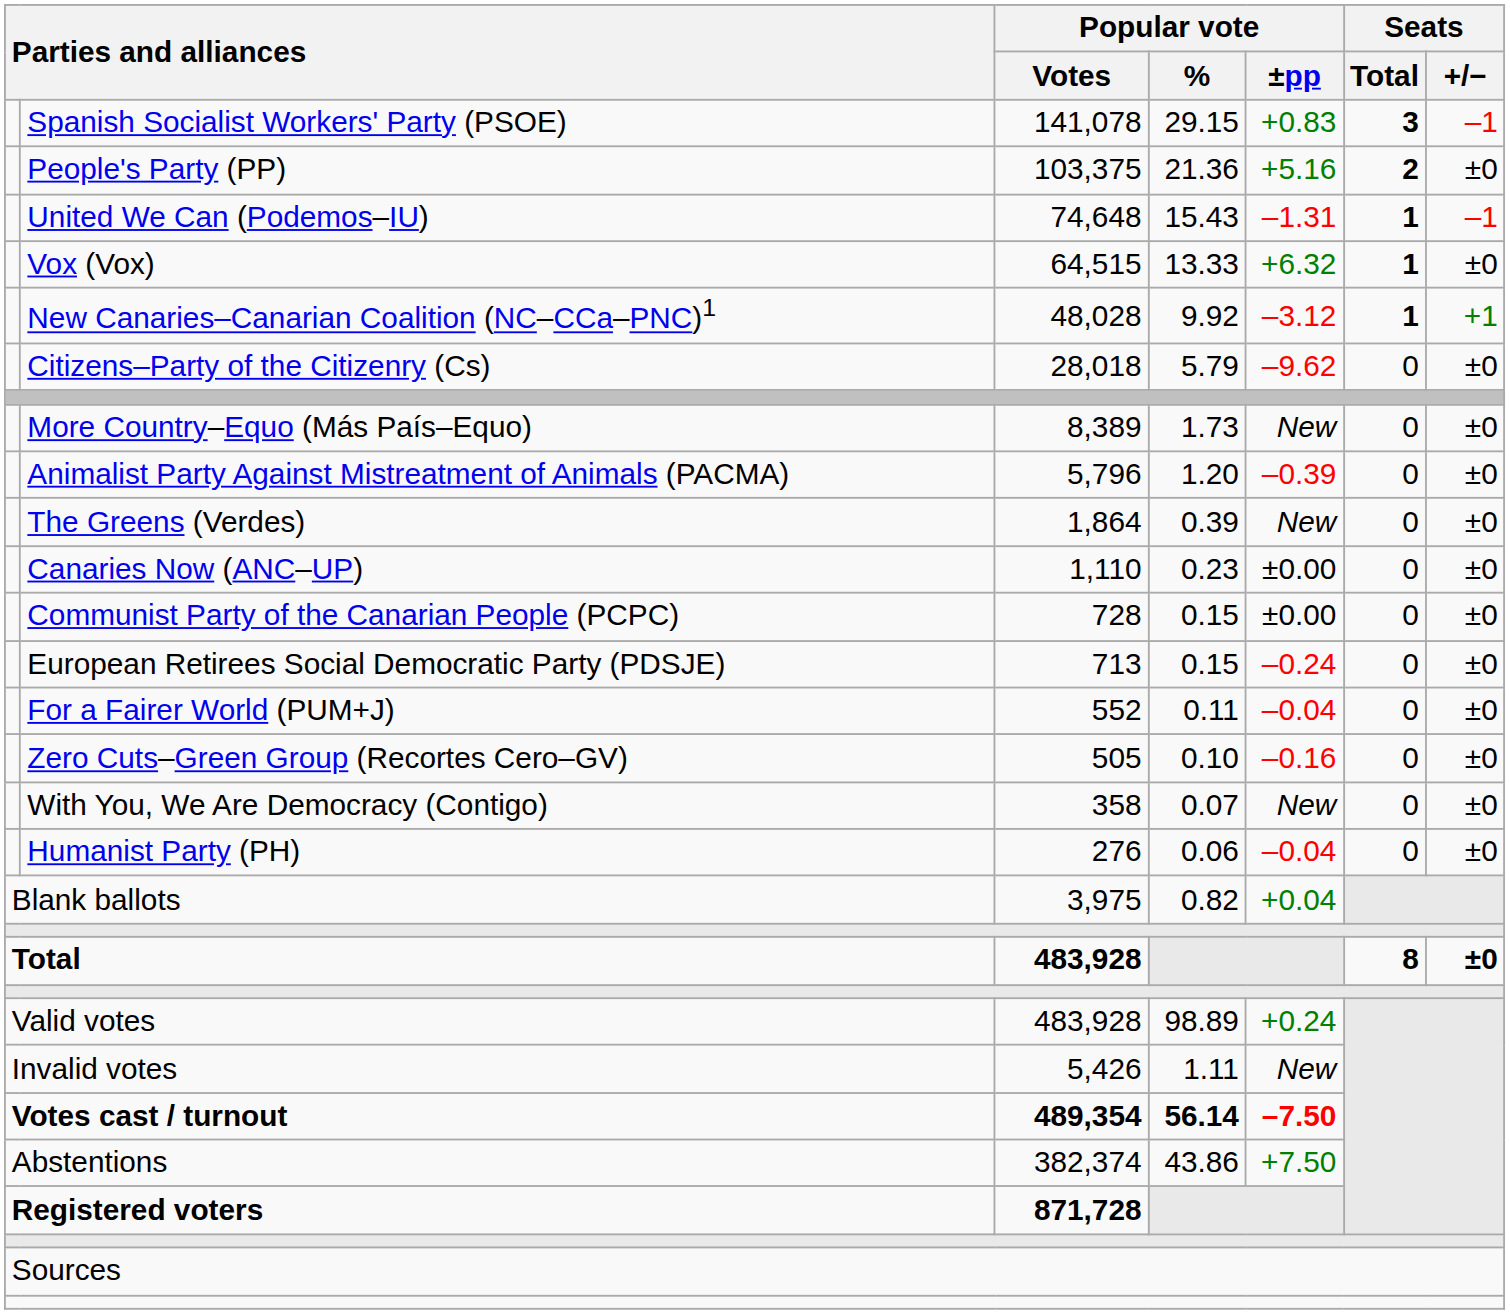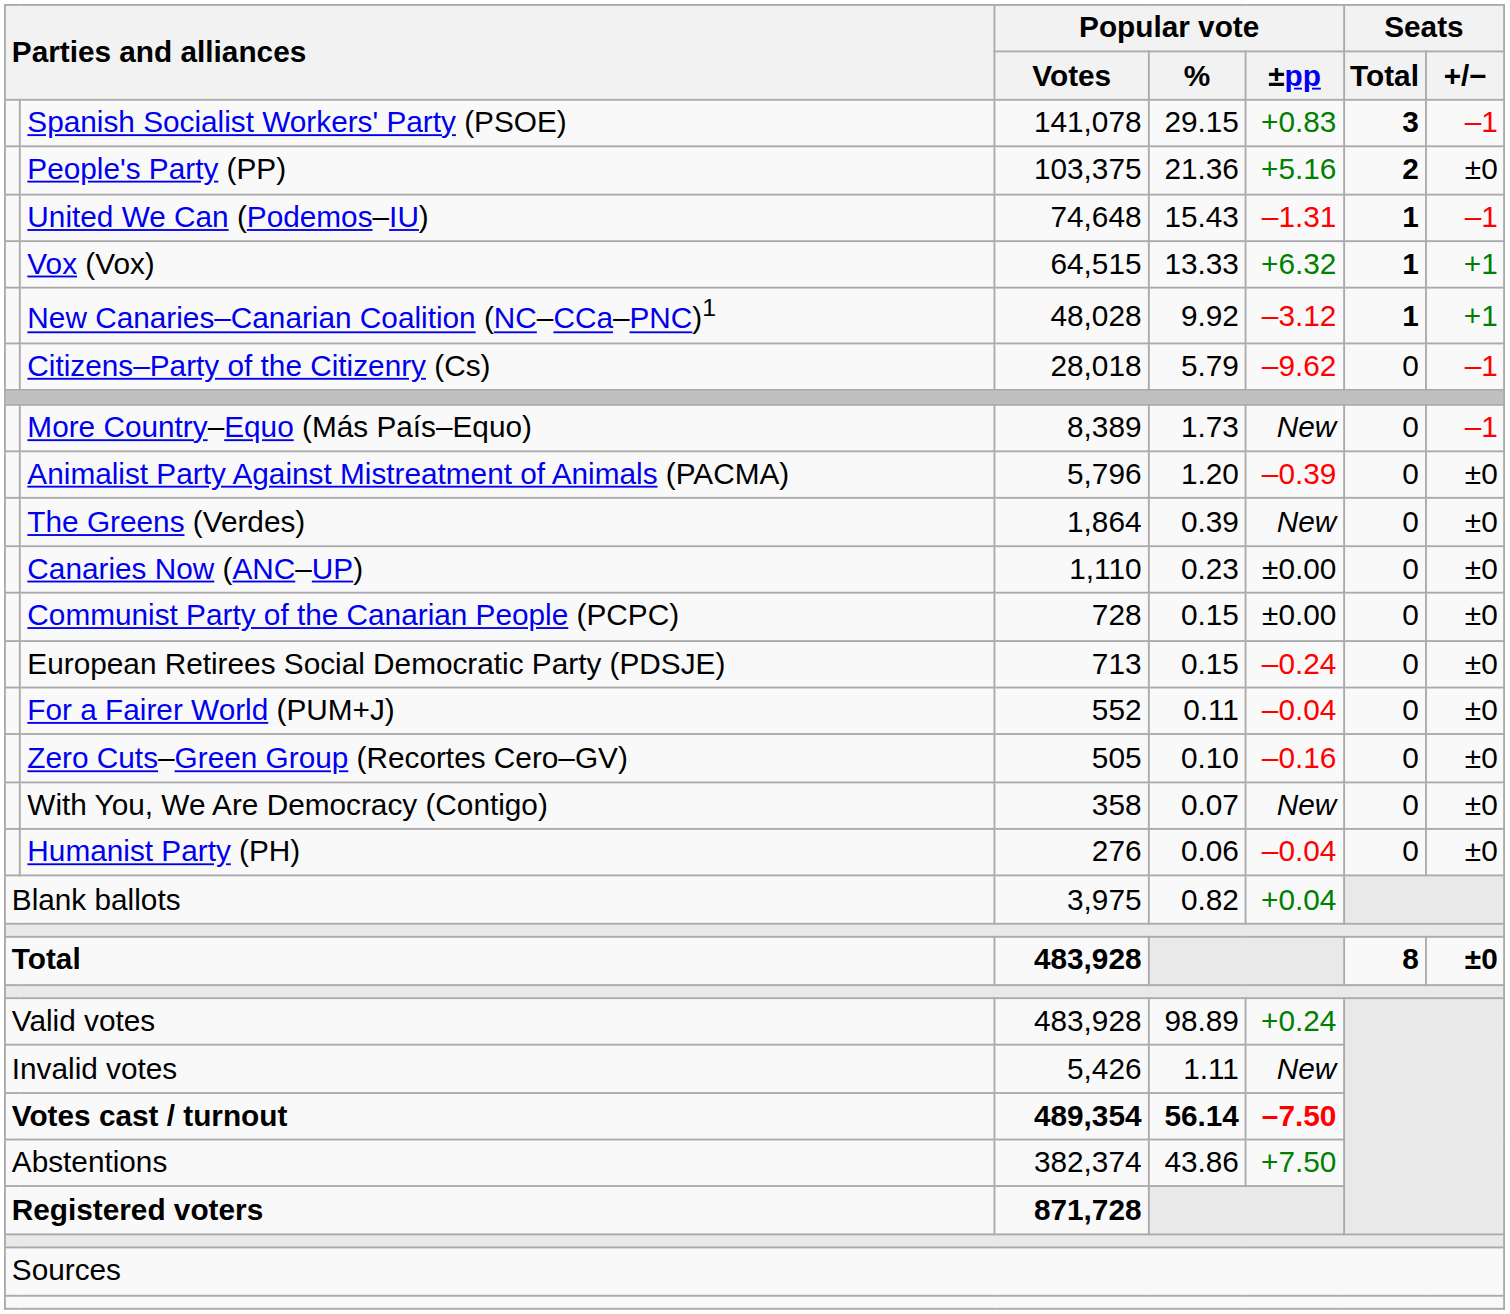 <table class="wikitable" style="text-align:right;">
 <tr>
 <th style="text-align:left;" rowspan="2" colspan="2" width="525">Parties and alliances</th>
 <th colspan="3">Popular vote</th>
 <th colspan="2">Seats</th>
 </tr>
 <tr>
 <th width="75">Votes</th>
 <th width="45">%</th>
 <th width="45">±<a href='#'>pp</a></th>
 <th width="35">Total</th>
 <th width="35">+/−</th>
 </tr>
 <tr>
 <td width="1" style="color:inherit;background:"></td>
 <td align="left"><a href='#'>Spanish Socialist Workers' Party</a> (PSOE)</td>
 <td>141,078</td>
 <td>29.15</td>
 <td style="color:green;">+0.83</td>
 <td><strong>3</strong></td>
 <td style="color:red;">–1</td>
 </tr>
 <tr>
 <td style="color:inherit;background:"></td>
 <td align="left"><a href='#'>People's Party</a> (PP)</td>
 <td>103,375</td>
 <td>21.36</td>
 <td style="color:green;">+5.16</td>
 <td><strong>2</strong></td>
 <td>±0</td>
 </tr>
 <tr>
 <td style="color:inherit;background:"></td>
 <td align="left"><a href='#'>United We Can</a> (<a href='#'>Podemos</a>–<a href='#'>IU</a>)</td>
 <td>74,648</td>
 <td>15.43</td>
 <td style="color:red;">–1.31</td>
 <td><strong>1</strong></td>
 <td style="color:red;">–1</td>
 </tr>
 <tr>
 <td style="color:inherit;background:"></td>
 <td align="left"><a href='#'>Vox</a> (Vox)</td>
 <td>64,515</td>
 <td>13.33</td>
 <td style="color:green;">+6.32</td>
 <td><strong>1</strong></td>
-<td>±0</td>
+<td style="color:green;">+1</td>
 </tr>
 <tr>
 <td style="color:inherit;background:"></td>
 <td align="left"><a href='#'>New Canaries–Canarian Coalition</a> (<a href='#'>NC</a>–<a href='#'>CCa</a>–<a href='#'>PNC</a>)<sup>1</sup></td>
 <td>48,028</td>
 <td>9.92</td>
 <td style="color:red;">–3.12</td>
 <td><strong>1</strong></td>
 <td style="color:green;">+1</td>
 </tr>
 <tr>
 <td style="color:inherit;background:"></td>
 <td align="left"><a href='#'>Citizens–Party of the Citizenry</a> (Cs)</td>
 <td>28,018</td>
 <td>5.79</td>
 <td style="color:red;">–9.62</td>
 <td>0</td>
-<td>±0</td>
+<td style="color:red;">–1</td>
 </tr>
 <tr>
 <td colspan="7" bgcolor="#C0C0C0"></td>
 </tr>
 <tr>
 <td style="color:inherit;background:"></td>
 <td align="left"><a href='#'>More Country</a>–<a href='#'>Equo</a> (Más País–Equo)</td>
 <td>8,389</td>
 <td>1.73</td>
 <td><em>New</em></td>
 <td>0</td>
-<td>±0</td>
+<td style="color:red;">–1</td>
 </tr>
 <tr>
 <td style="color:inherit;background:"></td>
 <td align="left"><a href='#'>Animalist Party Against Mistreatment of Animals</a> (PACMA)</td>
 <td>5,796</td>
 <td>1.20</td>
 <td style="color:red;">–0.39</td>
 <td>0</td>
 <td>±0</td>
 </tr>
 <tr>
 <td style="color:inherit;background:"></td>
 <td align="left"><a href='#'>The Greens</a> (Verdes)</td>
 <td>1,864</td>
 <td>0.39</td>
 <td><em>New</em></td>
 <td>0</td>
 <td>±0</td>
 </tr>
 <tr>
 <td style="color:inherit;background:"></td>
 <td align="left"><a href='#'>Canaries Now</a> (<a href='#'>ANC</a>–<a href='#'>UP</a>)</td>
 <td>1,110</td>
 <td>0.23</td>
 <td>±0.00</td>
 <td>0</td>
 <td>±0</td>
 </tr>
 <tr>
 <td style="color:inherit;background:"></td>
 <td align="left"><a href='#'>Communist Party of the Canarian People</a> (PCPC)</td>
 <td>728</td>
 <td>0.15</td>
 <td>±0.00</td>
 <td>0</td>
 <td>±0</td>
 </tr>
 <tr>
 <td style="color:inherit;background:"></td>
 <td align="left">European Retirees Social Democratic Party (PDSJE)</td>
 <td>713</td>
 <td>0.15</td>
 <td style="color:red;">–0.24</td>
 <td>0</td>
 <td>±0</td>
 </tr>
 <tr>
 <td style="color:inherit;background:"></td>
 <td align="left"><a href='#'>For a Fairer World</a> (PUM+J)</td>
 <td>552</td>
 <td>0.11</td>
 <td style="color:red;">–0.04</td>
 <td>0</td>
 <td>±0</td>
 </tr>
 <tr>
 <td style="color:inherit;background:"></td>
 <td align="left"><a href='#'>Zero Cuts</a>–<a href='#'>Green Group</a> (Recortes Cero–GV)</td>
 <td>505</td>
 <td>0.10</td>
 <td style="color:red;">–0.16</td>
 <td>0</td>
 <td>±0</td>
 </tr>
 <tr>
 <td style="color:inherit;background:"></td>
 <td align="left">With You, We Are Democracy (Contigo)</td>
 <td>358</td>
 <td>0.07</td>
 <td><em>New</em></td>
 <td>0</td>
 <td>±0</td>
 </tr>
 <tr>
 <td style="color:inherit;background:"></td>
 <td align="left"><a href='#'>Humanist Party</a> (PH)</td>
 <td>276</td>
 <td>0.06</td>
 <td style="color:red;">–0.04</td>
 <td>0</td>
 <td>±0</td>
 </tr>
 <tr>
 <td align="left" colspan="2">Blank ballots</td>
 <td>3,975</td>
 <td>0.82</td>
 <td style="color:green;">+0.04</td>
 <td bgcolor="#E9E9E9" colspan="2"></td>
 </tr>
 <tr>
 <td colspan="7" bgcolor="#E9E9E9"></td>
 </tr>
 <tr style="font-weight:bold;">
 <td align="left" colspan="2">Total</td>
 <td>483,928</td>
 <td bgcolor="#E9E9E9" colspan="2"></td>
 <td>8</td>
 <td>±0</td>
 </tr>
 <tr>
 <td colspan="7" bgcolor="#E9E9E9"></td>
 </tr>
 <tr>
 <td align="left" colspan="2">Valid votes</td>
 <td>483,928</td>
 <td>98.89</td>
 <td style="color:green;">+0.24</td>
 <td bgcolor="#E9E9E9" colspan="2" rowspan="5"></td>
 </tr>
 <tr>
 <td align="left" colspan="2">Invalid votes</td>
 <td>5,426</td>
 <td>1.11</td>
 <td><em>New</em></td>
 </tr>
 <tr style="font-weight:bold;">
 <td align="left" colspan="2">Votes cast / turnout</td>
 <td>489,354</td>
 <td>56.14</td>
 <td style="color:red;">–7.50</td>
 </tr>
 <tr>
 <td align="left" colspan="2">Abstentions</td>
 <td>382,374</td>
 <td>43.86</td>
 <td style="color:green;">+7.50</td>
 </tr>
 <tr style="font-weight:bold;">
 <td align="left" colspan="2">Registered voters</td>
 <td>871,728</td>
 <td bgcolor="#E9E9E9" colspan="2"></td>
 </tr>
 <tr>
 <td colspan="7" bgcolor="#E9E9E9"></td>
 </tr>
 <tr>
 <td align="left" colspan="7">Sources</td>
 </tr>
 <tr>
 <td colspan="7" style="text-align:left; max-width:790px;"></td>
 </tr>
 </table>
